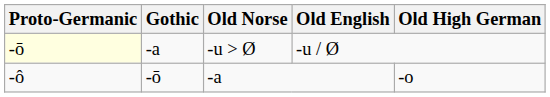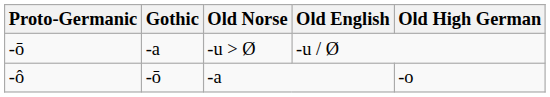 <table class="wikitable">
 <tr>
 <th>Proto-Germanic</th>
 <th>Gothic</th>
 <th>Old Norse</th>
 <th>Old English</th>
 <th>Old High German</th>
 </tr>
 <tr>
-<td lang="gem-x-proto" style="background: lightyellow;">-ō</td>
+<td lang="gem-x-proto">-ō</td>
 <td lang="got-Latn">-a</td>
 <td lang="non">-u > Ø</td>
 <td colspan="2">-u / Ø</td>
 </tr>
 <tr>
 <td lang="gem-x-proto">-ô</td>
 <td lang="got-Latn">-ō</td>
 <td colspan="2">-a</td>
 <td lang="goh">-o</td>
 </tr>
 </table>
